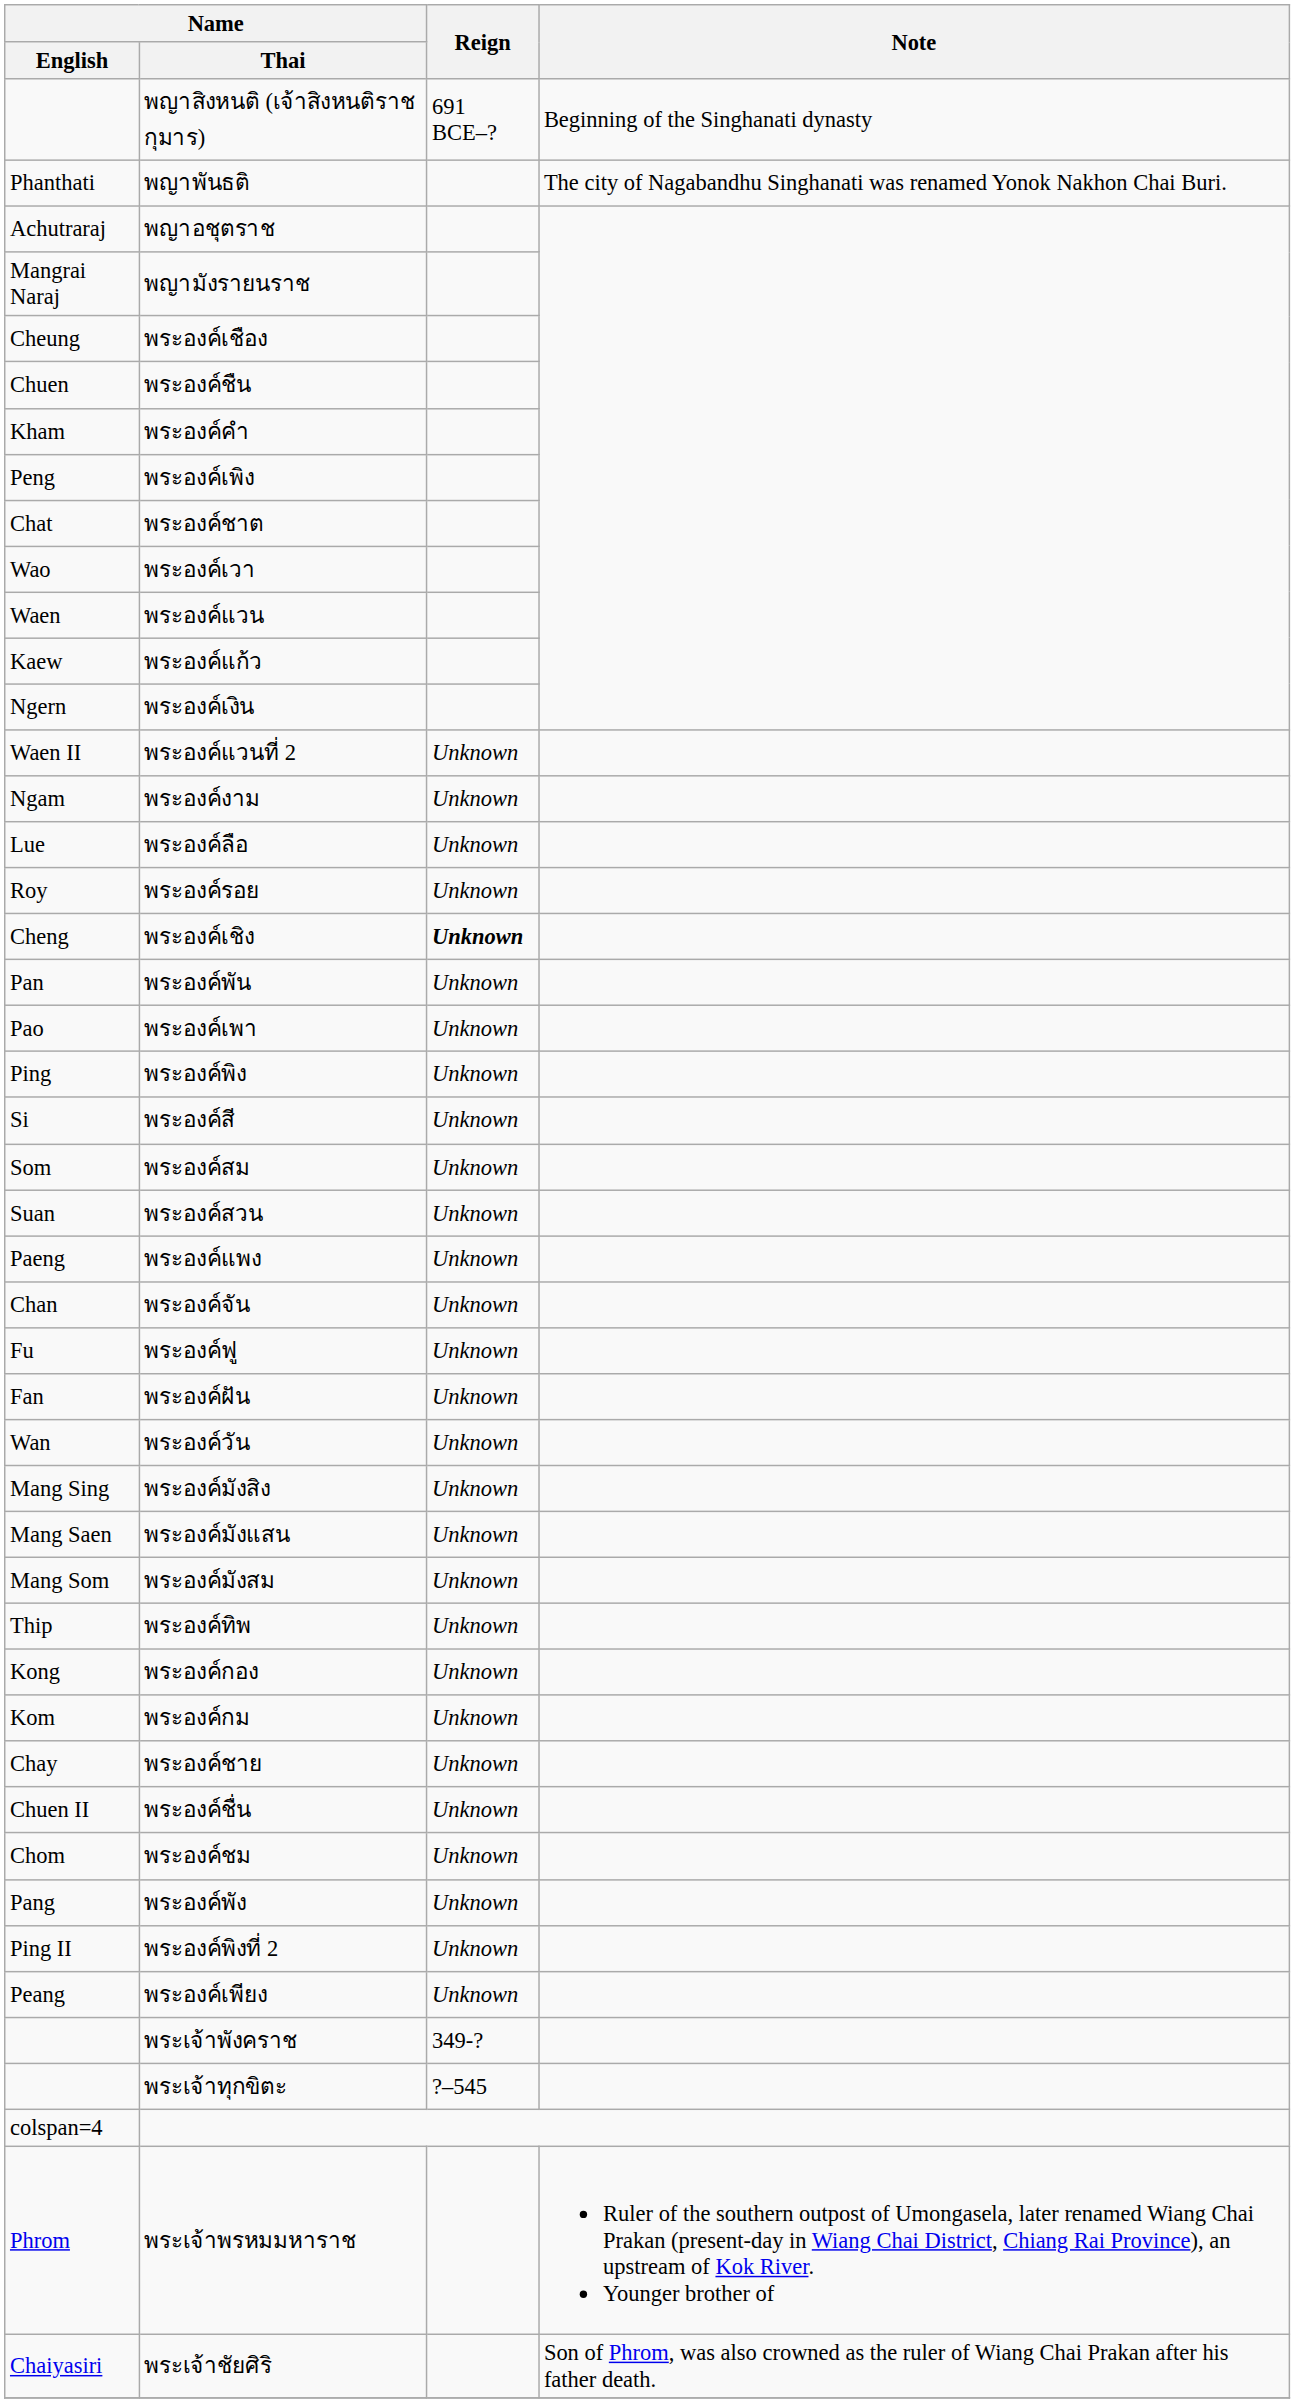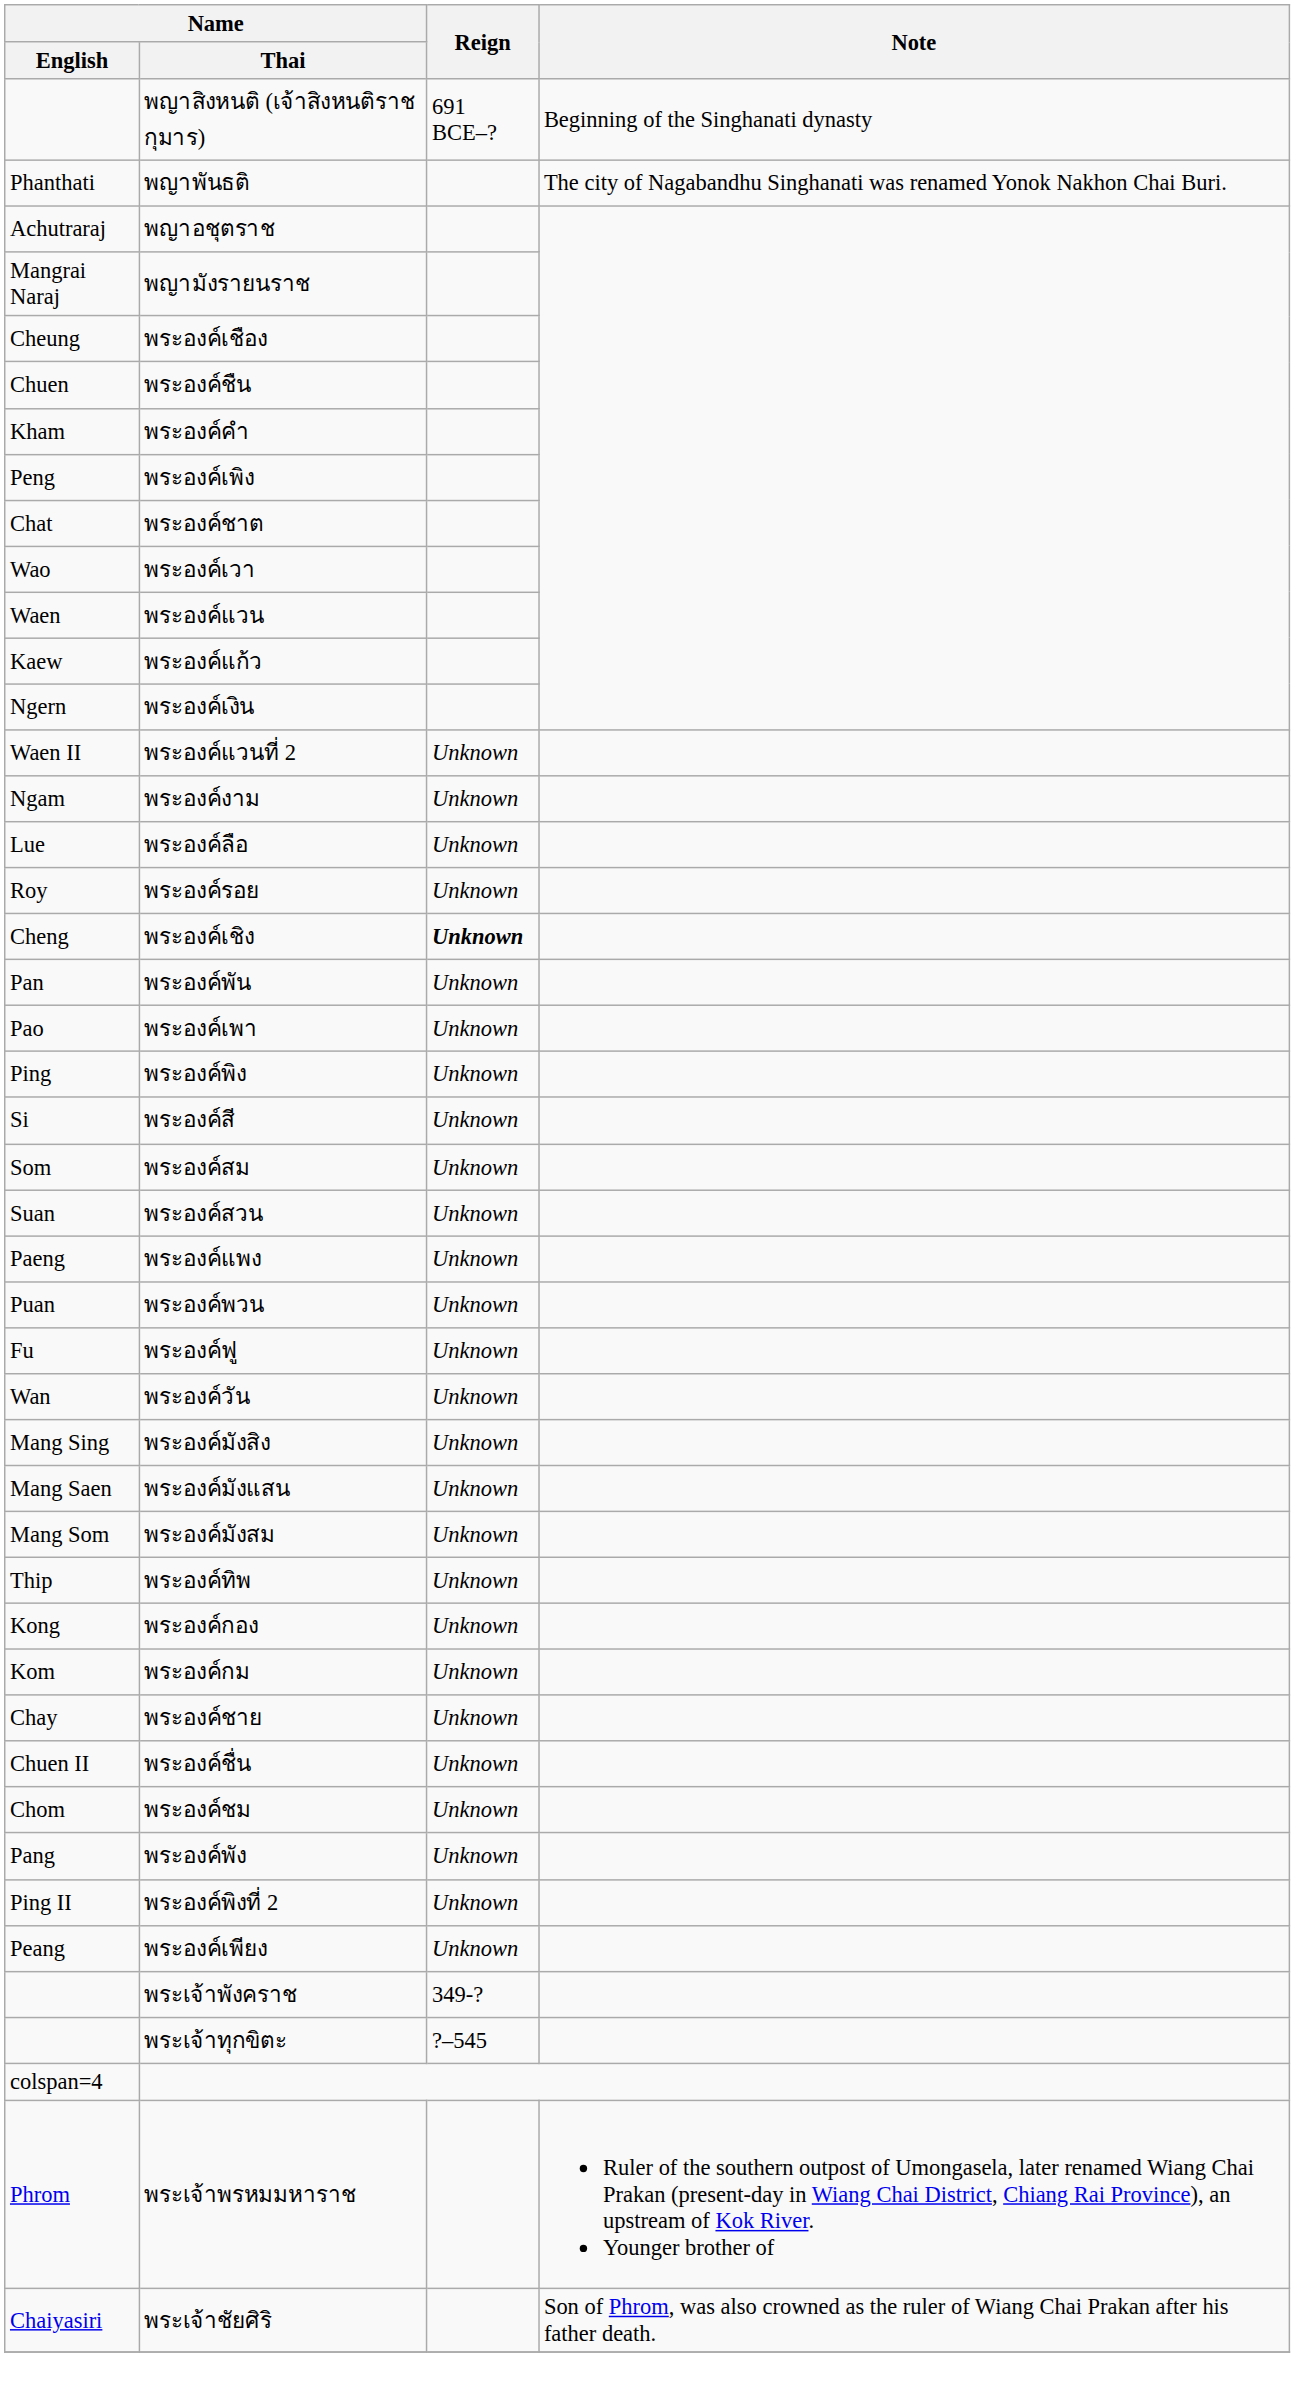 <table class="wikitable" style="font-size:95%;">
 <tr>
 <th colspan=2>Name</th>
 <th rowspan=2>Reign</th>
 <th rowspan=2 width=500px>Note</th>
 </tr>
 <tr>
 <th>English</th>
 <th>Thai</th>
 </tr>
 <tr>
 <td></td>
 <td>พญาสิงหนติ (เจ้าสิงหนติราชกุมาร)</td>
 <td>691 BCE–?</td>
 <td>Beginning of the Singhanati dynasty</td>
 </tr>
 <tr>
 <td>Phanthati</td>
 <td>พญาพันธติ</td>
 <td></td>
 <td>The city of Nagabandhu Singhanati was renamed Yonok Nakhon Chai Buri.</td>
 </tr>
 <tr>
 <td>Achutraraj</td>
 <td>พญาอชุตราช</td>
 <td></td>
 </tr>
 <tr>
 <td>Mangrai Naraj</td>
 <td>พญามังรายนราช</td>
 <td></td>
 </tr>
 <tr>
 <td>Cheung</td>
 <td>พระองค์เชือง</td>
 <td></td>
 </tr>
 <tr>
 <td>Chuen</td>
 <td>พระองค์ชืน</td>
 <td></td>
 </tr>
 <tr>
 <td>Kham</td>
 <td>พระองค์คำ</td>
 <td></td>
 </tr>
 <tr>
 <td>Peng</td>
 <td>พระองค์เพิง</td>
 <td></td>
 </tr>
 <tr>
 <td>Chat</td>
 <td>พระองค์ชาต</td>
 <td></td>
 </tr>
 <tr>
 <td>Wao</td>
 <td>พระองค์เวา</td>
 <td></td>
 </tr>
 <tr>
 <td>Waen</td>
 <td>พระองค์แวน</td>
 <td></td>
 </tr>
 <tr>
 <td>Kaew</td>
 <td>พระองค์แก้ว</td>
 <td></td>
 </tr>
 <tr>
 <td>Ngern</td>
 <td>พระองค์เงิน</td>
 <td></td>
 </tr>
 <tr>
 <td>Waen II</td>
 <td>พระองค์แวนที่ 2</td>
 <td><em>Unknown</em></td>
 <td></td>
 </tr>
 <tr>
 <td>Ngam</td>
 <td>พระองค์งาม</td>
 <td><em>Unknown</em></td>
 <td></td>
 </tr>
 <tr>
 <td>Lue</td>
 <td>พระองค์ลือ</td>
 <td><em>Unknown</em></td>
 <td></td>
 </tr>
 <tr>
 <td>Roy</td>
 <td>พระองค์รอย</td>
 <td><em>Unknown</em></td>
 <td></td>
 </tr>
 <tr>
 <td>Cheng</td>
 <td>พระองค์เชิง</td>
 <td><strong><em>Unknown</em></strong></td>
 <td></td>
 </tr>
 <tr>
 <td>Pan</td>
 <td>พระองค์พัน</td>
 <td><em>Unknown</em></td>
 <td></td>
 </tr>
 <tr>
 <td>Pao</td>
 <td>พระองค์เพา</td>
 <td><em>Unknown</em></td>
 <td></td>
 </tr>
 <tr>
 <td>Ping</td>
 <td>พระองค์พิง</td>
 <td><em>Unknown</em></td>
 <td></td>
 </tr>
 <tr>
 <td>Si</td>
 <td>พระองค์สี</td>
 <td><em>Unknown</em></td>
 <td></td>
 </tr>
 <tr>
 <td>Som</td>
 <td>พระองค์สม</td>
 <td><em>Unknown</em></td>
 <td></td>
 </tr>
 <tr>
 <td>Suan</td>
 <td>พระองค์สวน</td>
 <td><em>Unknown</em></td>
 <td></td>
 </tr>
 <tr>
 <td>Paeng</td>
 <td>พระองค์แพง</td>
 <td><em>Unknown</em></td>
 <td></td>
 </tr>
 <tr>
-<td>Chan</td>
-<td>พระองค์จัน</td>
+<td>Puan</td>
+<td>พระองค์พวน</td>
 <td><em>Unknown</em></td>
 <td></td>
 </tr>
 <tr>
 <td>Fu</td>
 <td>พระองค์ฟู</td>
-<td><em>Unknown</em></td>
-<td></td>
-</tr>
-<tr>
-<td>Fan</td>
-<td>พระองค์ฝัน</td>
 <td><em>Unknown</em></td>
 <td></td>
 </tr>
 <tr>
 <td>Wan</td>
 <td>พระองค์วัน</td>
 <td><em>Unknown</em></td>
 <td></td>
 </tr>
 <tr>
 <td>Mang Sing</td>
 <td>พระองค์มังสิง</td>
 <td><em>Unknown</em></td>
 <td></td>
 </tr>
 <tr>
 <td>Mang Saen</td>
 <td>พระองค์มังแสน</td>
 <td><em>Unknown</em></td>
 <td></td>
 </tr>
 <tr>
 <td>Mang Som</td>
 <td>พระองค์มังสม</td>
 <td><em>Unknown</em></td>
 <td></td>
 </tr>
 <tr>
 <td>Thip</td>
 <td>พระองค์ทิพ</td>
 <td><em>Unknown</em></td>
 <td></td>
 </tr>
 <tr>
 <td>Kong</td>
 <td>พระองค์กอง</td>
 <td><em>Unknown</em></td>
 <td></td>
 </tr>
 <tr>
 <td>Kom</td>
 <td>พระองค์กม</td>
 <td><em>Unknown</em></td>
 <td></td>
 </tr>
 <tr>
 <td>Chay</td>
 <td>พระองค์ชาย</td>
 <td><em>Unknown</em></td>
 <td></td>
 </tr>
 <tr>
 <td>Chuen II</td>
 <td>พระองค์ชื่น</td>
 <td><em>Unknown</em></td>
 <td></td>
 </tr>
 <tr>
 <td>Chom</td>
 <td>พระองค์ชม</td>
 <td><em>Unknown</em></td>
 <td></td>
 </tr>
 <tr>
 <td>Pang</td>
 <td>พระองค์พัง</td>
 <td><em>Unknown</em></td>
 <td></td>
 </tr>
 <tr>
 <td>Ping II</td>
 <td>พระองค์พิงที่ 2</td>
 <td><em>Unknown</em></td>
 <td></td>
 </tr>
 <tr>
 <td>Peang</td>
 <td>พระองค์เพียง</td>
 <td><em>Unknown</em></td>
 <td></td>
 </tr>
 <tr>
 <td></td>
 <td>พระเจ้าพังคราช</td>
 <td>349-?</td>
 <td></td>
 </tr>
 <tr>
 <td></td>
 <td>พระเจ้าทุกขิตะ</td>
 <td>?–545</td>
 <td></td>
 </tr>
 <tr>
 <td>colspan=4 </td>
 </tr>
 <tr>
 <td><a href='#'>Phrom</a></td>
 <td>พระเจ้าพรหมมหาราช</td>
 <td></td>
 <td><br><ul><li>Ruler of the southern outpost of Umongasela, later renamed Wiang Chai Prakan (present-day in <a href='#'>Wiang Chai District</a>, <a href='#'>Chiang Rai Province</a>), an upstream of <a href='#'>Kok River</a>.</li><li>Younger brother of </li></ul></td>
 </tr>
 <tr>
 <td><a href='#'>Chaiyasiri</a></td>
 <td>พระเจ้าชัยศิริ</td>
 <td></td>
 <td>Son of <a href='#'>Phrom</a>, was also crowned as the ruler of Wiang Chai Prakan after his father death.</td>
 </tr>
 <tr>
 </tr>
 </table>
